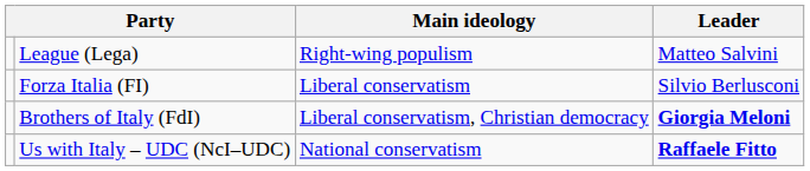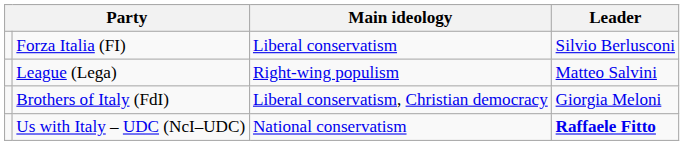 <table class=wikitable style=text-align:left>
 <tr>
 <th colspan=2>Party</th>
 <th>Main ideology</th>
 <th>Leader</th>
+</tr>
+<tr>
+<td></td>
+<td><a href='#'>Forza Italia</a> (FI)</td>
+<td><a href='#'>Liberal conservatism</a></td>
+<td><a href='#'>Silvio Berlusconi</a></td>
 </tr>
 <tr>
 <td></td>
 <td><a href='#'>League</a> (Lega)</td>
 <td><a href='#'>Right-wing populism</a></td>
 <td><a href='#'>Matteo Salvini</a></td>
 </tr>
 <tr>
 <td></td>
-<td><a href='#'>Forza Italia</a> (FI)</td>
-<td><a href='#'>Liberal conservatism</a></td>
-<td><a href='#'>Silvio Berlusconi</a></td>
-</tr>
-<tr>
-<td></td>
 <td><a href='#'>Brothers of Italy</a> (FdI)</td>
 <td><a href='#'>Liberal conservatism</a>, <a href='#'>Christian democracy</a></td>
-<td><strong><a href='#'>Giorgia Meloni</a></strong></td>
+<td><a href='#'>Giorgia Meloni</a></td>
 </tr>
 <tr>
 <td></td>
 <td><a href='#'>Us with Italy</a> – <a href='#'>UDC</a> (NcI–UDC)</td>
 <td><a href='#'>National conservatism</a></td>
 <td><strong><a href='#'>Raffaele Fitto</a></strong></td>
 </tr>
 </table>
